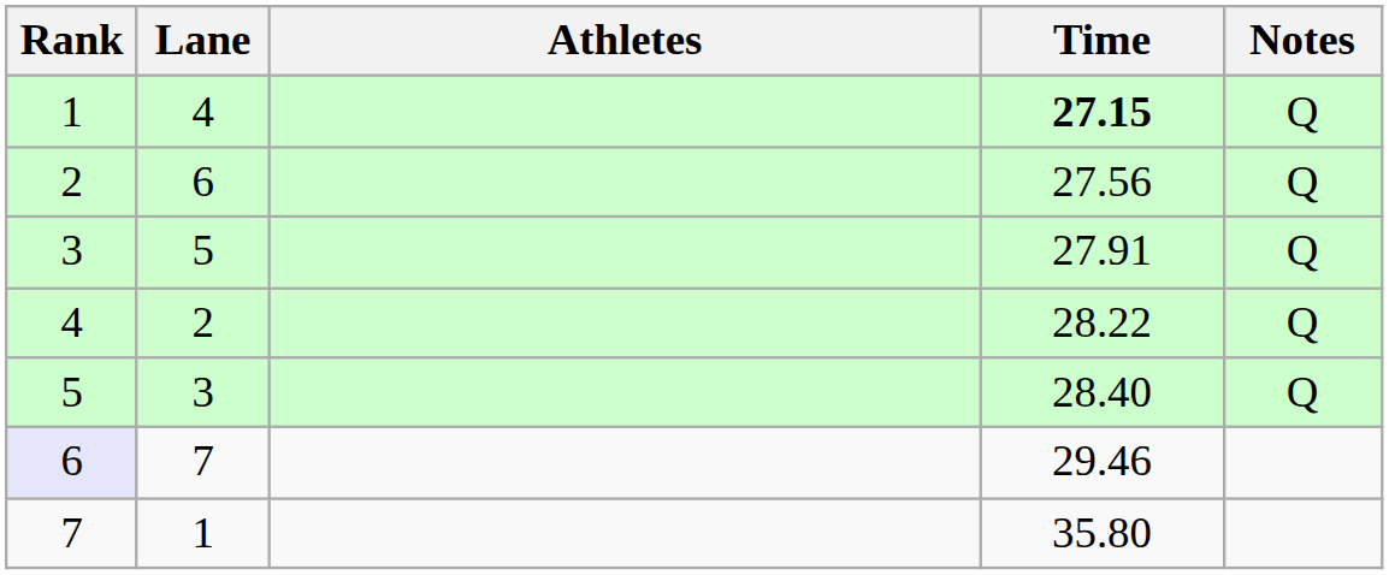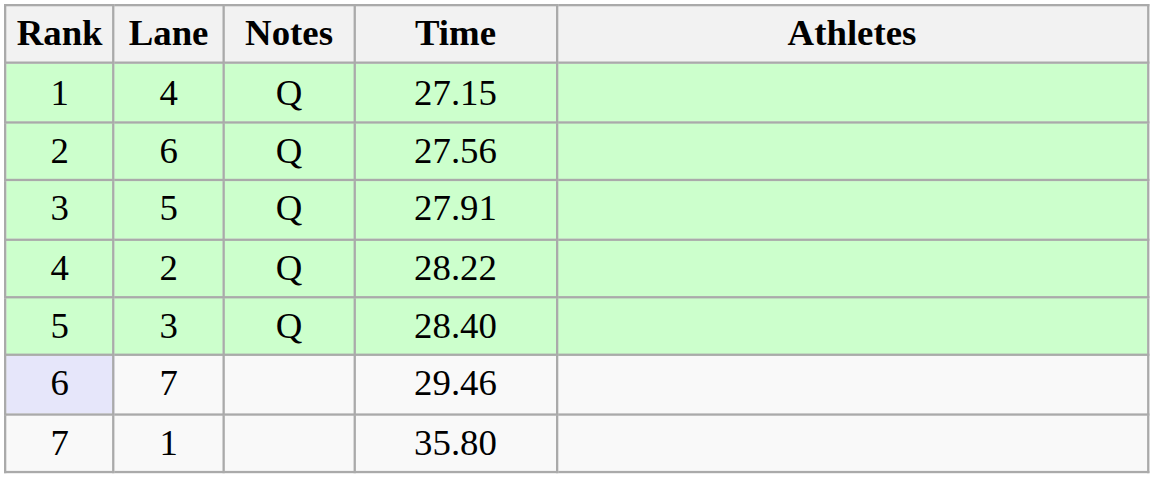 <table class="wikitable sortable" style="text-align:center;">
 <tr>
 <th width=40>Rank</th>
 <th width=40>Lane</th>
+<th width=50>Notes</th>
+<th width=80>Time</th>
 <th width=250>Athletes</th>
-<th width=80>Time</th>
-<th width=50>Notes</th>
 </tr>
 <tr bgcolor=ccffcc>
 <td>1</td>
 <td>4</td>
+<td>Q</td>
+<td>27.15</td>
 <td align=left></td>
-<td><strong>27.15</strong></td>
-<td>Q</td>
 </tr>
 <tr bgcolor=ccffcc>
 <td>2</td>
 <td>6</td>
+<td>Q</td>
+<td>27.56</td>
 <td align=left></td>
-<td>27.56</td>
-<td>Q</td>
 </tr>
 <tr bgcolor=ccffcc>
 <td>3</td>
 <td>5</td>
+<td>Q</td>
+<td>27.91</td>
 <td align=left></td>
-<td>27.91</td>
-<td>Q</td>
 </tr>
 <tr bgcolor=ccffcc>
 <td>4</td>
 <td>2</td>
+<td>Q</td>
+<td>28.22</td>
 <td align=left></td>
-<td>28.22</td>
-<td>Q</td>
 </tr>
 <tr bgcolor=ccffcc>
 <td>5</td>
 <td>3</td>
+<td>Q</td>
+<td>28.40</td>
 <td align=left></td>
-<td>28.40</td>
-<td>Q</td>
 </tr>
 <tr>
 <td style="background: lavender;">6</td>
 <td>7</td>
+<td></td>
+<td>29.46</td>
 <td align=left></td>
-<td>29.46</td>
-<td></td>
 </tr>
 <tr>
 <td>7</td>
 <td>1</td>
+<td></td>
+<td>35.80</td>
 <td align=left></td>
-<td>35.80</td>
-<td></td>
 </tr>
 </table>
